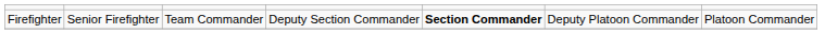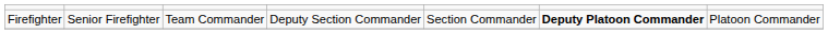 <table class="wikitable toptextcells" style="text-align:center;">
 <tr>
 <td></td>
 <td></td>
 <td></td>
 <td></td>
 <td></td>
 <td></td>
 <td></td>
 </tr>
 <tr>
 <td>Firefighter</td>
 <td>Senior Firefighter</td>
 <td>Team Commander</td>
 <td>Deputy Section Commander</td>
-<td><strong>Section Commander</strong></td>
-<td>Deputy Platoon Commander</td>
+<td>Section Commander</td>
+<td><strong>Deputy Platoon Commander</strong></td>
 <td>Platoon Commander</td>
 </tr>
 <tr>
 </tr>
 </table>
